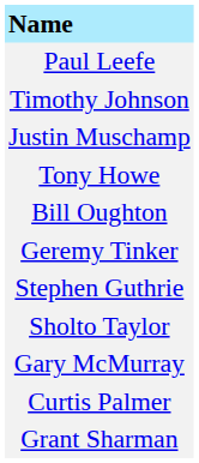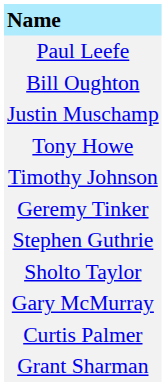 <table border=0 cellpadding=2 cellspacing=0  |- bgcolor=#F2F2F2 style="text-align:center; font-size:90%;">
 <tr bgcolor=#ADEBFD>
 <th align=left>Name</th>
 </tr>
 <tr>
 <td><a href='#'>Paul Leefe</a></td>
 </tr>
 <tr>
-<td><a href='#'>Timothy Johnson</a></td>
+<td><a href='#'>Bill Oughton</a></td>
 </tr>
 <tr>
 <td><a href='#'>Justin Muschamp</a></td>
 </tr>
 <tr>
 <td><a href='#'>Tony Howe</a></td>
 </tr>
 <tr>
-<td><a href='#'>Bill Oughton</a></td>
+<td><a href='#'>Timothy Johnson</a></td>
 </tr>
 <tr>
 <td><a href='#'>Geremy Tinker</a></td>
 </tr>
 <tr>
 <td><a href='#'>Stephen Guthrie</a></td>
 </tr>
 <tr>
 <td><a href='#'>Sholto Taylor</a></td>
 </tr>
 <tr>
 <td><a href='#'>Gary McMurray</a></td>
 </tr>
 <tr>
 <td><a href='#'>Curtis Palmer</a></td>
 </tr>
 <tr>
 <td><a href='#'>Grant Sharman</a></td>
 </tr>
 </table>
